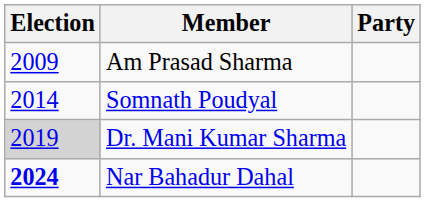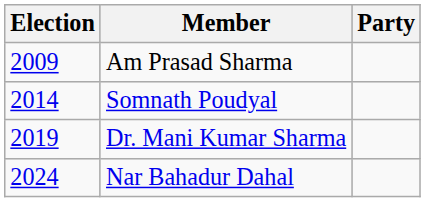 <table class="wikitable sortable">
 <tr>
 <th>Election</th>
 <th>Member</th>
 <th colspan=2>Party</th>
 </tr>
 <tr>
 <td><a href='#'>2009</a></td>
 <td>Am Prasad Sharma</td>
 <td></td>
 </tr>
 <tr>
 <td><a href='#'>2014</a></td>
 <td><a href='#'>Somnath Poudyal</a></td>
 </tr>
 <tr>
-<td style="background: lightgrey;"><a href='#'>2019</a></td>
+<td><a href='#'>2019</a></td>
 <td><a href='#'>Dr. Mani Kumar Sharma</a></td>
 <td></td>
 </tr>
 <tr>
-<td><strong><a href='#'>2024</a></strong></td>
+<td><a href='#'>2024</a></td>
 <td><a href='#'>Nar Bahadur Dahal</a></td>
 </tr>
 </table>
